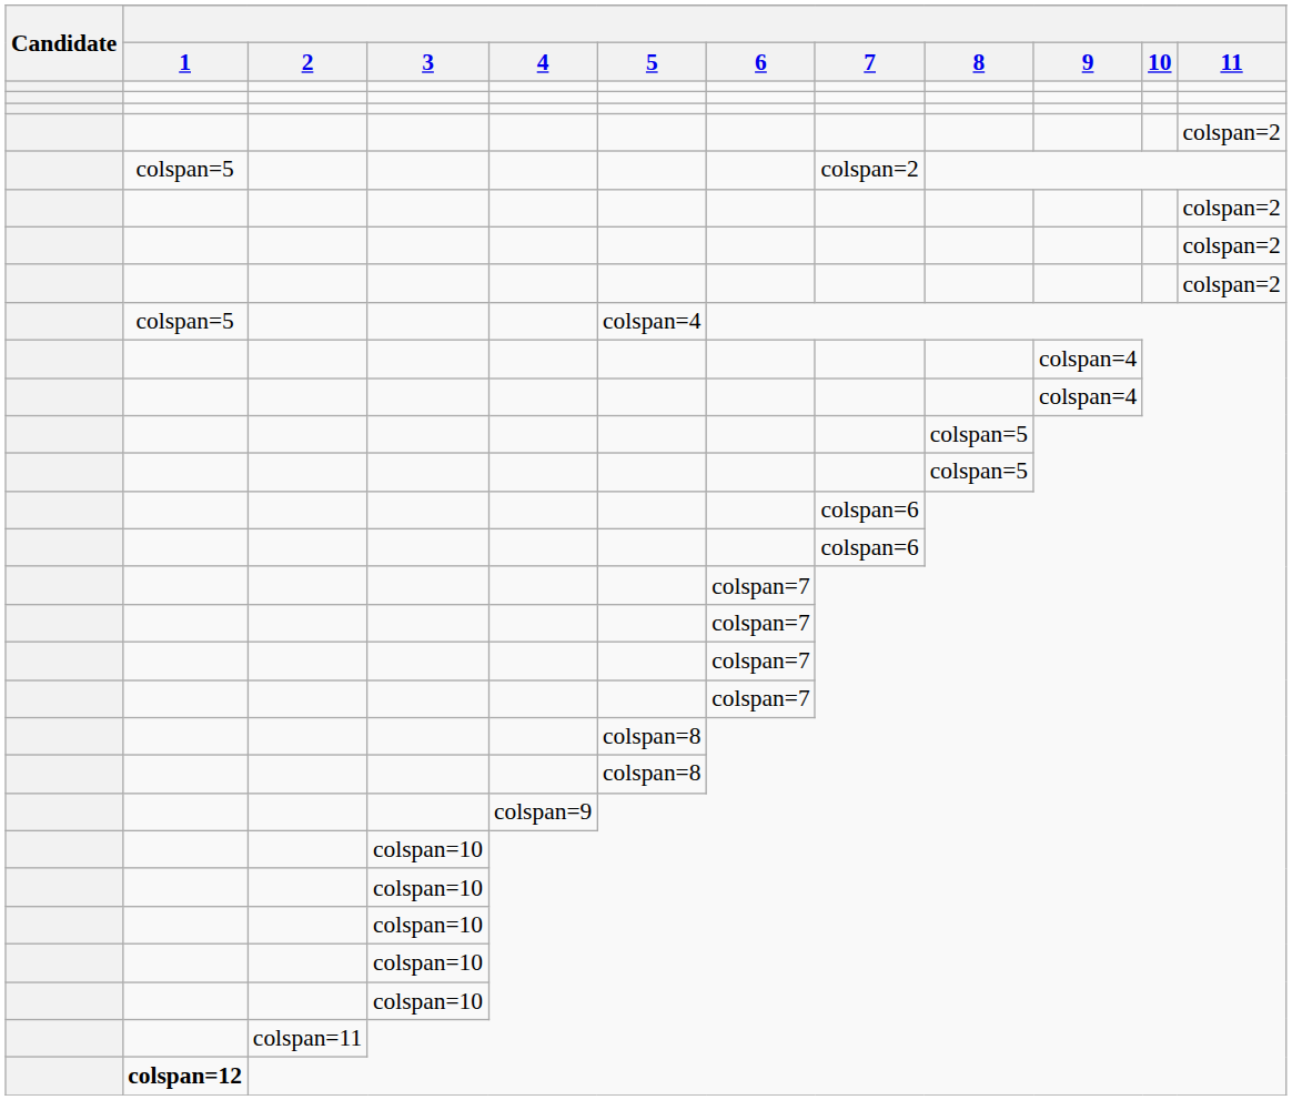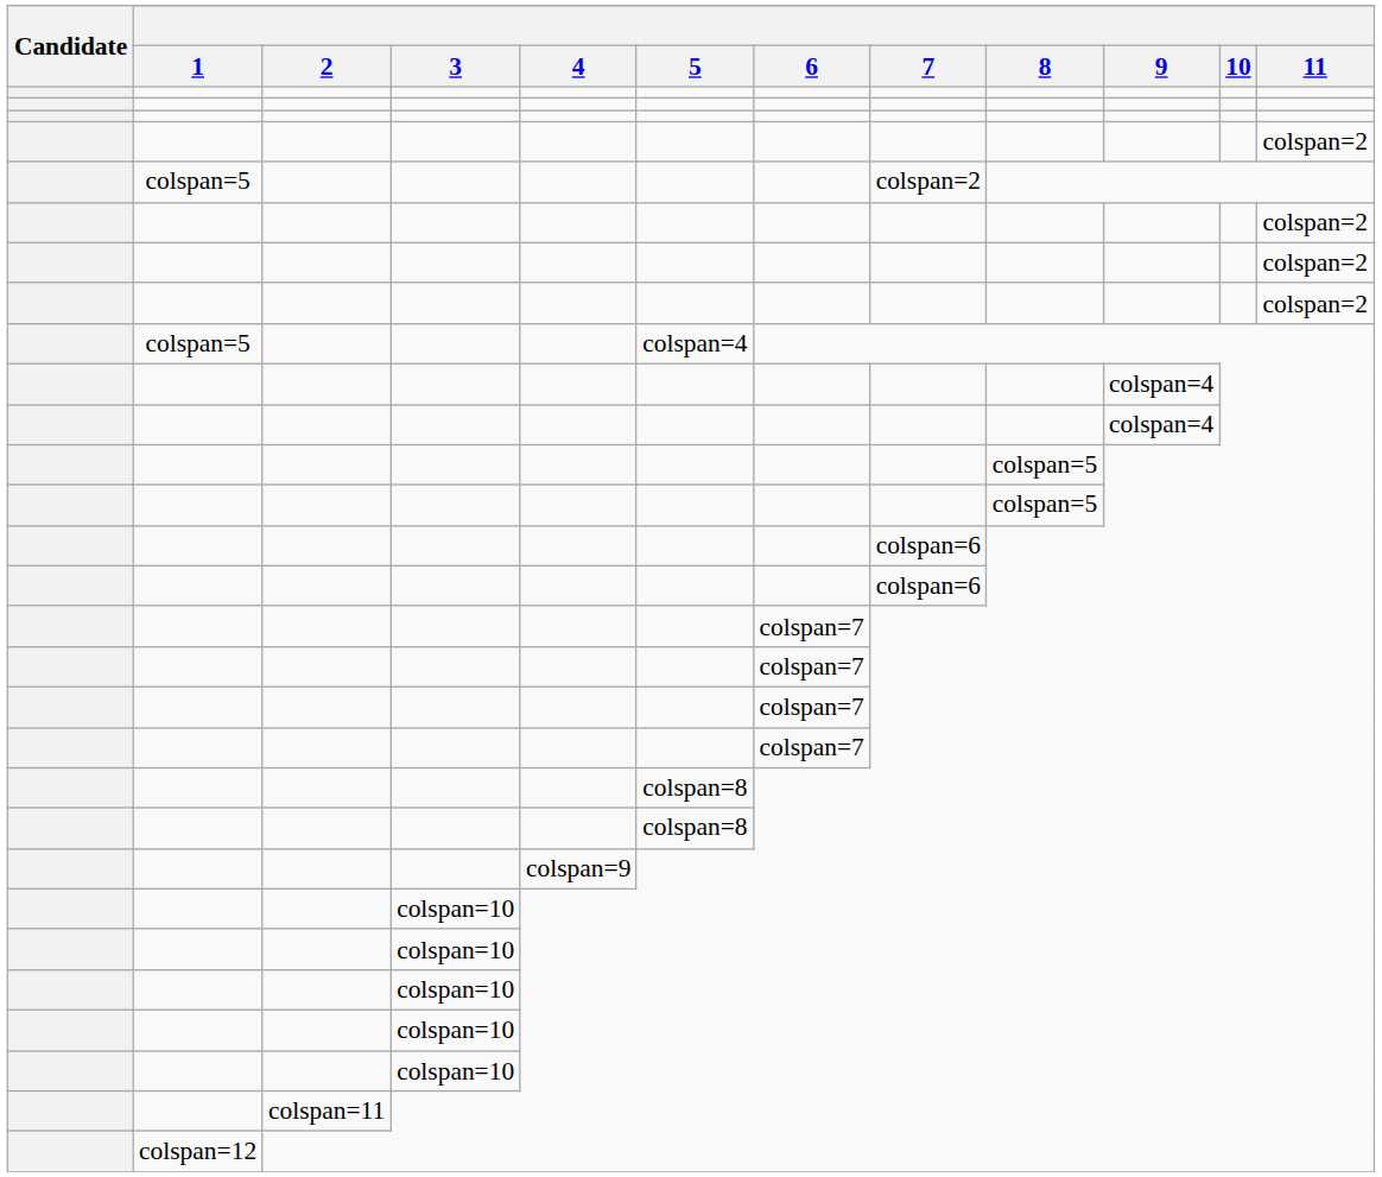 <table class="wikitable sortable" style="text-align:center;margin:auto">
 <tr>
 <th rowspan="3">Candidate</th>
 </tr>
 <tr>
 <th colspan="11" style="color:black; vertical-align:top; text-align:center;" class="table-no"><br> </th>
 </tr>
 <tr>
 <th><a href='#'>1</a></th>
 <th><a href='#'>2</a></th>
 <th><a href='#'>3</a></th>
 <th><a href='#'>4</a></th>
 <th><a href='#'>5</a></th>
 <th><a href='#'>6</a></th>
 <th><a href='#'>7</a></th>
 <th><a href='#'>8</a></th>
 <th><a href='#'>9</a></th>
 <th><a href='#'>10</a></th>
 <th><a href='#'>11</a></th>
 </tr>
 <tr>
 <th nowrap style="text-align:left"></th>
 <td></td>
 <td></td>
 <td></td>
 <td></td>
 <td></td>
 <td></td>
 <td></td>
 <td></td>
 <td></td>
 <td></td>
 <td></td>
 </tr>
 <tr>
 <th nowrap style="text-align:left"></th>
 <td></td>
 <td></td>
 <td></td>
 <td></td>
 <td></td>
 <td></td>
 <td></td>
 <td></td>
 <td></td>
 <td></td>
 <td></td>
 </tr>
 <tr>
 <th nowrap style="text-align:left"></th>
 <td></td>
 <td></td>
 <td></td>
 <td></td>
 <td></td>
 <td></td>
 <td></td>
 <td></td>
 <td></td>
 <td></td>
 <td></td>
 </tr>
 <tr>
 <th nowrap style="text-align:left"></th>
 <td></td>
 <td></td>
 <td></td>
 <td></td>
 <td></td>
 <td></td>
 <td></td>
 <td></td>
 <td></td>
 <td></td>
 <td>colspan=2 </td>
 </tr>
 <tr>
 <th nowrap style="text-align:left"></th>
 <td>colspan=5 </td>
 <td></td>
 <td></td>
 <td></td>
 <td></td>
 <td></td>
 <td>colspan=2 </td>
 </tr>
 <tr>
 <th nowrap style="text-align:left"></th>
 <td></td>
 <td></td>
 <td></td>
 <td></td>
 <td></td>
 <td></td>
 <td></td>
 <td></td>
 <td></td>
 <td></td>
 <td>colspan=2 </td>
 </tr>
 <tr>
 <th nowrap style="text-align:left"></th>
 <td></td>
 <td></td>
 <td></td>
 <td></td>
 <td></td>
 <td></td>
 <td></td>
 <td></td>
 <td></td>
 <td></td>
 <td>colspan=2 </td>
 </tr>
 <tr>
 <th nowrap style="text-align:left"></th>
 <td></td>
 <td></td>
 <td></td>
 <td></td>
 <td></td>
 <td></td>
 <td></td>
 <td></td>
 <td></td>
 <td></td>
 <td>colspan=2 </td>
 </tr>
 <tr>
 <th nowrap style="text-align:left"></th>
 <td>colspan=5 </td>
 <td></td>
 <td></td>
 <td></td>
 <td>colspan=4 </td>
 </tr>
 <tr>
 <th nowrap style="text-align:left"></th>
 <td></td>
 <td></td>
 <td></td>
 <td></td>
 <td></td>
 <td></td>
 <td></td>
 <td></td>
 <td>colspan=4 </td>
 </tr>
 <tr>
 <th nowrap style="text-align:left"></th>
 <td></td>
 <td></td>
 <td></td>
 <td></td>
 <td></td>
 <td></td>
 <td></td>
 <td></td>
 <td>colspan=4 </td>
 </tr>
 <tr>
 <th nowrap style="text-align:left"></th>
 <td></td>
 <td></td>
 <td></td>
 <td></td>
 <td></td>
 <td></td>
 <td></td>
 <td>colspan=5 </td>
 </tr>
 <tr>
 <th nowrap style="text-align:left"></th>
 <td></td>
 <td></td>
 <td></td>
 <td></td>
 <td></td>
 <td></td>
 <td></td>
 <td>colspan=5 </td>
 </tr>
 <tr>
 <th nowrap style="text-align:left"></th>
 <td></td>
 <td></td>
 <td></td>
 <td></td>
 <td></td>
 <td></td>
 <td>colspan=6 </td>
 </tr>
 <tr>
 <th nowrap style="text-align:left"></th>
 <td></td>
 <td></td>
 <td></td>
 <td></td>
 <td></td>
 <td></td>
 <td>colspan=6 </td>
 </tr>
 <tr>
 <th nowrap style="text-align:left"></th>
 <td></td>
 <td></td>
 <td></td>
 <td></td>
 <td></td>
 <td>colspan=7 </td>
 </tr>
 <tr>
 <th nowrap style="text-align:left"></th>
 <td></td>
 <td></td>
 <td></td>
 <td></td>
 <td></td>
 <td>colspan=7 </td>
 </tr>
 <tr>
 <th nowrap style="text-align:left"></th>
 <td></td>
 <td></td>
 <td></td>
 <td></td>
 <td></td>
 <td>colspan=7 </td>
 </tr>
 <tr>
 <th nowrap style="text-align:left"></th>
 <td></td>
 <td></td>
 <td></td>
 <td></td>
 <td></td>
 <td>colspan=7 </td>
 </tr>
 <tr>
 <th nowrap style="text-align:left"></th>
 <td></td>
 <td></td>
 <td></td>
 <td></td>
 <td>colspan=8 </td>
 </tr>
 <tr>
 <th nowrap style="text-align:left"></th>
 <td></td>
 <td></td>
 <td></td>
 <td></td>
 <td>colspan=8 </td>
 </tr>
 <tr>
 <th nowrap style="text-align:left"></th>
 <td></td>
 <td></td>
 <td></td>
 <td>colspan=9 </td>
 </tr>
 <tr>
 <th nowrap style="text-align:left"></th>
 <td></td>
 <td></td>
 <td>colspan=10 </td>
 </tr>
 <tr>
 <th nowrap style="text-align:left"></th>
 <td></td>
 <td></td>
 <td>colspan=10 </td>
 </tr>
 <tr>
 <th nowrap style="text-align:left"></th>
 <td></td>
 <td></td>
 <td>colspan=10 </td>
 </tr>
 <tr>
 <th nowrap style="text-align:left"></th>
 <td></td>
 <td></td>
 <td>colspan=10 </td>
 </tr>
 <tr>
 <th nowrap style="text-align:left"></th>
 <td></td>
 <td></td>
 <td>colspan=10 </td>
 </tr>
 <tr>
 <th nowrap style="text-align:left"></th>
 <td></td>
 <td>colspan=11 </td>
 </tr>
 <tr>
 <th nowrap style="text-align:left"></th>
-<td><strong>colspan=12 </strong></td>
+<td>colspan=12 </td>
 </tr>
 </table>
